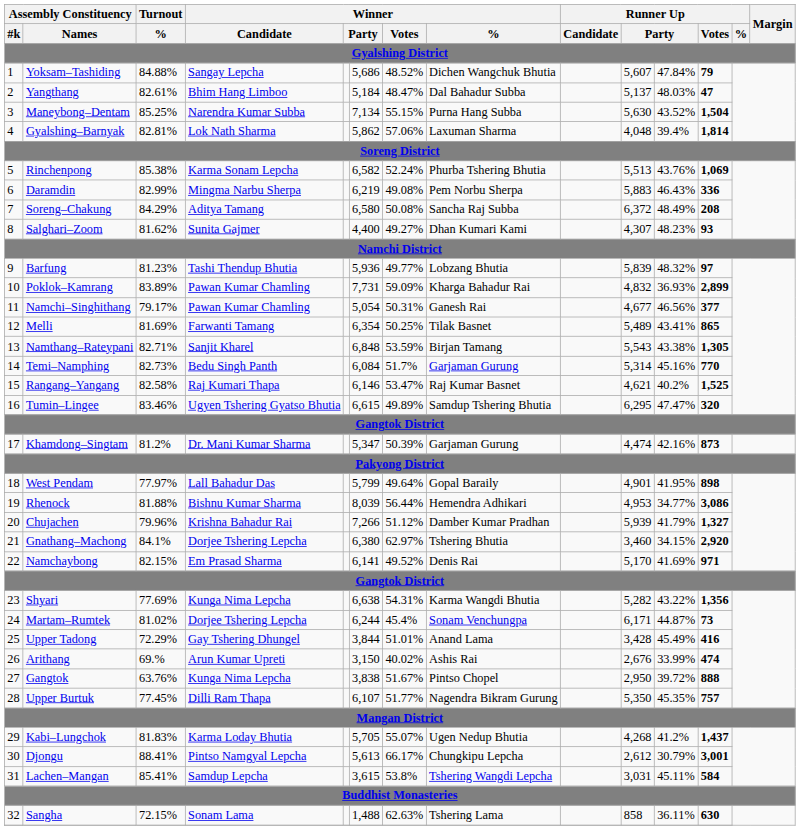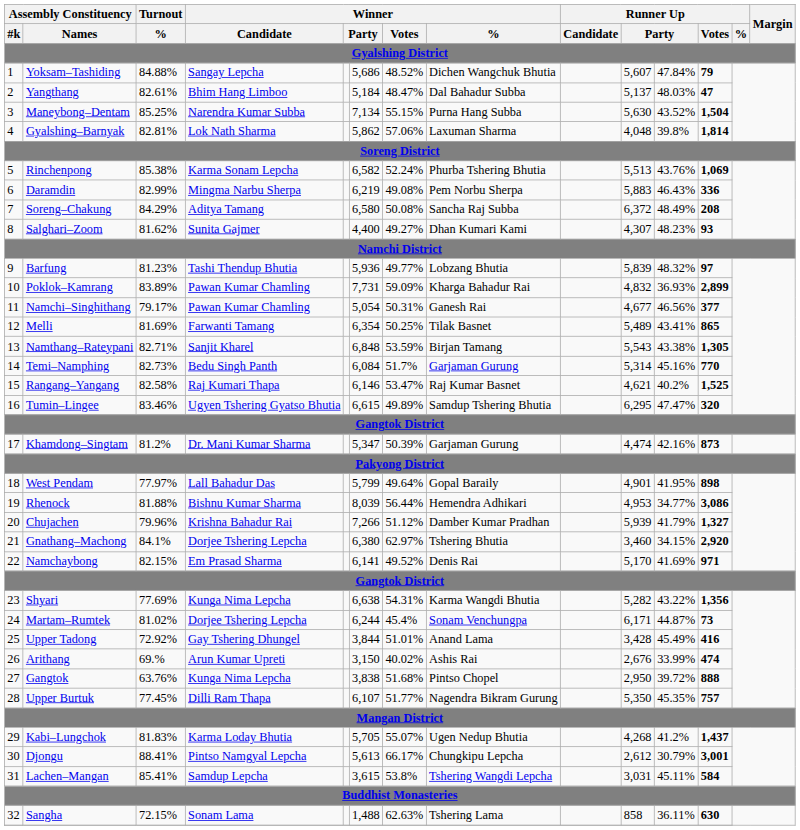 <table class="wikitable sortable">
 <tr>
 <th colspan="2">Assembly Constituency</th>
 <th>Turnout</th>
 <th colspan="5">Winner</th>
 <th colspan="5">Runner Up</th>
 <th rowspan="2" data-sort-type=number>Margin</th>
 </tr>
 <tr>
 <th>#k</th>
 <th>Names</th>
 <th>%</th>
 <th>Candidate</th>
 <th colspan="2">Party</th>
 <th data-sort-type=number>Votes</th>
 <th>%</th>
 <th>Candidate</th>
 <th colspan="2">Party</th>
 <th data-sort-type=number>Votes</th>
 <th>%</th>
 </tr>
 <tr>
 <td colspan="14" align="center" bgcolor="grey"><a href='#'><span><strong>Gyalshing District</strong></span></a></td>
 </tr>
 <tr>
 <td>1</td>
 <td><a href='#'>Yoksam–Tashiding</a></td>
 <td>84.88%</td>
 <td><a href='#'>Sangay Lepcha</a></td>
 <td></td>
 <td>5,686</td>
 <td>48.52%</td>
 <td>Dichen Wangchuk Bhutia</td>
 <td></td>
 <td>5,607</td>
 <td>47.84%</td>
 <td style="background:"><span><strong>79</strong></span></td>
 </tr>
 <tr>
 <td>2</td>
 <td><a href='#'>Yangthang</a></td>
 <td>82.61%</td>
 <td><a href='#'>Bhim Hang Limboo</a></td>
 <td></td>
 <td>5,184</td>
 <td>48.47%</td>
 <td>Dal Bahadur Subba</td>
 <td></td>
 <td>5,137</td>
 <td>48.03%</td>
 <td style="background:"><span><strong>47</strong></span></td>
 </tr>
 <tr>
 <td>3</td>
 <td><a href='#'>Maneybong–Dentam</a></td>
 <td>85.25%</td>
 <td><a href='#'>Narendra Kumar Subba</a></td>
 <td></td>
 <td>7,134</td>
 <td>55.15%</td>
 <td>Purna Hang Subba</td>
 <td></td>
 <td>5,630</td>
 <td>43.52%</td>
 <td style="background:"><span><strong>1,504</strong></span></td>
 </tr>
 <tr>
 <td>4</td>
 <td><a href='#'>Gyalshing–Barnyak</a></td>
 <td>82.81%</td>
 <td><a href='#'>Lok Nath Sharma</a></td>
 <td></td>
 <td>5,862</td>
 <td>57.06%</td>
 <td>Laxuman Sharma</td>
 <td></td>
 <td>4,048</td>
-<td>39.4%</td>
+<td>39.8%</td>
 <td style="background:"><span><strong>1,814</strong></span></td>
 </tr>
 <tr>
 <td colspan="14" align="center" bgcolor="grey"><a href='#'><span><strong>Soreng District</strong></span></a></td>
 </tr>
 <tr>
 <td>5</td>
 <td><a href='#'>Rinchenpong</a></td>
 <td>85.38%</td>
 <td><a href='#'>Karma Sonam Lepcha</a></td>
 <td></td>
 <td>6,582</td>
 <td>52.24%</td>
 <td>Phurba Tshering Bhutia</td>
 <td></td>
 <td>5,513</td>
 <td>43.76%</td>
 <td style="background:"><span><strong>1,069</strong></span></td>
 </tr>
 <tr>
 <td>6</td>
 <td><a href='#'>Daramdin</a></td>
 <td>82.99%</td>
 <td><a href='#'>Mingma Narbu Sherpa</a></td>
 <td></td>
 <td>6,219</td>
 <td>49.08%</td>
 <td>Pem Norbu Sherpa</td>
 <td></td>
 <td>5,883</td>
 <td>46.43%</td>
 <td style="background:"><span><strong>336</strong></span></td>
 </tr>
 <tr>
 <td>7</td>
 <td><a href='#'>Soreng–Chakung</a></td>
 <td>84.29%</td>
 <td><a href='#'>Aditya Tamang</a></td>
 <td></td>
 <td>6,580</td>
 <td>50.08%</td>
 <td>Sancha Raj Subba</td>
 <td></td>
 <td>6,372</td>
 <td>48.49%</td>
 <td style="background:"><span><strong>208</strong></span></td>
 </tr>
 <tr>
 <td>8</td>
 <td><a href='#'>Salghari–Zoom</a></td>
 <td>81.62%</td>
 <td><a href='#'>Sunita Gajmer</a></td>
 <td></td>
 <td>4,400</td>
 <td>49.27%</td>
 <td>Dhan Kumari Kami</td>
 <td></td>
 <td>4,307</td>
 <td>48.23%</td>
 <td style="background:"><span><strong>93</strong></span></td>
 </tr>
 <tr>
 <td colspan="14" align="center" bgcolor="grey"><a href='#'><span><strong>Namchi District</strong></span></a></td>
 </tr>
 <tr>
 <td>9</td>
 <td><a href='#'>Barfung</a></td>
 <td>81.23%</td>
 <td><a href='#'>Tashi Thendup Bhutia</a></td>
 <td></td>
 <td>5,936</td>
 <td>49.77%</td>
 <td>Lobzang Bhutia</td>
 <td></td>
 <td>5,839</td>
 <td>48.32%</td>
 <td style="background:"><span><strong>97</strong></span></td>
 </tr>
 <tr>
 <td>10</td>
 <td><a href='#'>Poklok–Kamrang</a></td>
 <td>83.89%</td>
 <td><a href='#'>Pawan Kumar Chamling</a></td>
 <td></td>
 <td>7,731</td>
 <td>59.09%</td>
 <td>Kharga Bahadur Rai</td>
 <td></td>
 <td>4,832</td>
 <td>36.93%</td>
 <td style="background:"><span><strong>2,899</strong></span></td>
 </tr>
 <tr>
 <td>11</td>
 <td><a href='#'>Namchi–Singhithang</a></td>
 <td>79.17%</td>
 <td><a href='#'>Pawan Kumar Chamling</a></td>
 <td></td>
 <td>5,054</td>
 <td>50.31%</td>
 <td>Ganesh Rai</td>
 <td></td>
 <td>4,677</td>
 <td>46.56%</td>
 <td style="background:"><span><strong>377</strong></span></td>
 </tr>
 <tr>
 <td>12</td>
 <td><a href='#'>Melli</a></td>
 <td>81.69%</td>
 <td><a href='#'>Farwanti Tamang</a></td>
 <td></td>
 <td>6,354</td>
 <td>50.25%</td>
 <td>Tilak Basnet</td>
 <td></td>
 <td>5,489</td>
 <td>43.41%</td>
 <td style="background:"><span><strong>865</strong></span></td>
 </tr>
 <tr>
 <td>13</td>
 <td><a href='#'>Namthang–Rateypani</a></td>
 <td>82.71%</td>
 <td><a href='#'>Sanjit Kharel</a></td>
 <td></td>
 <td>6,848</td>
 <td>53.59%</td>
 <td>Birjan Tamang</td>
 <td></td>
 <td>5,543</td>
 <td>43.38%</td>
 <td style="background:"><span><strong>1,305</strong></span></td>
 </tr>
 <tr>
 <td>14</td>
 <td><a href='#'>Temi–Namphing</a></td>
 <td>82.73%</td>
 <td><a href='#'>Bedu Singh Panth</a></td>
 <td></td>
 <td>6,084</td>
 <td>51.7%</td>
 <td><a href='#'>Garjaman Gurung</a></td>
 <td></td>
 <td>5,314</td>
 <td>45.16%</td>
 <td style="background:"><span><strong>770</strong></span></td>
 </tr>
 <tr>
 <td>15</td>
 <td><a href='#'>Rangang–Yangang</a></td>
 <td>82.58%</td>
 <td><a href='#'>Raj Kumari Thapa</a></td>
 <td></td>
 <td>6,146</td>
 <td>53.47%</td>
 <td>Raj Kumar Basnet</td>
 <td></td>
 <td>4,621</td>
 <td>40.2%</td>
 <td style="background:"><span><strong>1,525</strong></span></td>
 </tr>
 <tr>
 <td>16</td>
 <td><a href='#'>Tumin–Lingee</a></td>
 <td>83.46%</td>
 <td><a href='#'>Ugyen Tshering Gyatso Bhutia</a></td>
 <td></td>
 <td>6,615</td>
 <td>49.89%</td>
 <td>Samdup Tshering Bhutia</td>
 <td></td>
 <td>6,295</td>
 <td>47.47%</td>
 <td style="background:"><span><strong>320</strong></span></td>
 </tr>
 <tr>
 <td colspan="14" align="center" bgcolor="grey"><a href='#'><span><strong>Gangtok District</strong></span></a></td>
 </tr>
 <tr>
 <td>17</td>
 <td><a href='#'>Khamdong–Singtam</a></td>
 <td>81.2%</td>
 <td><a href='#'>Dr. Mani Kumar Sharma</a></td>
 <td></td>
 <td>5,347</td>
 <td>50.39%</td>
 <td>Garjaman Gurung</td>
 <td></td>
 <td>4,474</td>
 <td>42.16%</td>
 <td style="background:"><span><strong>873</strong></span></td>
 </tr>
 <tr>
 <td colspan="14" align="center" bgcolor="grey"><a href='#'><span><strong>Pakyong District</strong></span></a></td>
 </tr>
 <tr>
 <td>18</td>
 <td><a href='#'>West Pendam</a></td>
 <td>77.97%</td>
 <td><a href='#'>Lall Bahadur Das</a></td>
 <td></td>
 <td>5,799</td>
 <td>49.64%</td>
 <td>Gopal Baraily</td>
 <td></td>
 <td>4,901</td>
 <td>41.95%</td>
 <td style="background:"><span><strong>898</strong></span></td>
 </tr>
 <tr>
 <td>19</td>
 <td><a href='#'>Rhenock</a></td>
 <td>81.88%</td>
 <td><a href='#'>Bishnu Kumar Sharma</a></td>
 <td></td>
 <td>8,039</td>
 <td>56.44%</td>
 <td>Hemendra Adhikari</td>
 <td></td>
 <td>4,953</td>
 <td>34.77%</td>
 <td style="background:"><span><strong>3,086</strong></span></td>
 </tr>
 <tr>
 <td>20</td>
 <td><a href='#'>Chujachen</a></td>
 <td>79.96%</td>
 <td><a href='#'>Krishna Bahadur Rai</a></td>
 <td></td>
 <td>7,266</td>
 <td>51.12%</td>
 <td>Damber Kumar Pradhan</td>
 <td></td>
 <td>5,939</td>
 <td>41.79%</td>
 <td style="background:"><span><strong>1,327</strong></span></td>
 </tr>
 <tr>
 <td>21</td>
 <td><a href='#'>Gnathang–Machong</a></td>
 <td>84.1%</td>
 <td><a href='#'>Dorjee Tshering Lepcha</a></td>
 <td></td>
 <td>6,380</td>
 <td>62.97%</td>
 <td>Tshering Bhutia</td>
 <td></td>
 <td>3,460</td>
 <td>34.15%</td>
 <td style="background:"><span><strong>2,920</strong></span></td>
 </tr>
 <tr>
 <td>22</td>
 <td><a href='#'>Namchaybong</a></td>
 <td>82.15%</td>
 <td><a href='#'>Em Prasad Sharma</a></td>
 <td></td>
 <td>6,141</td>
 <td>49.52%</td>
 <td>Denis Rai</td>
 <td></td>
 <td>5,170</td>
 <td>41.69%</td>
 <td style="background:"><span><strong>971</strong></span></td>
 </tr>
 <tr>
 <td colspan="14" align="center" bgcolor="grey"><a href='#'><span><strong>Gangtok District</strong></span></a></td>
 </tr>
 <tr>
 <td>23</td>
 <td><a href='#'>Shyari</a></td>
 <td>77.69%</td>
 <td><a href='#'>Kunga Nima Lepcha</a></td>
 <td></td>
 <td>6,638</td>
 <td>54.31%</td>
 <td>Karma Wangdi Bhutia</td>
 <td></td>
 <td>5,282</td>
 <td>43.22%</td>
 <td style="background:"><span><strong>1,356</strong></span></td>
 </tr>
 <tr>
 <td>24</td>
 <td><a href='#'>Martam–Rumtek</a></td>
 <td>81.02%</td>
 <td><a href='#'>Dorjee Tshering Lepcha</a></td>
 <td></td>
 <td>6,244</td>
 <td>45.4%</td>
 <td><a href='#'>Sonam Venchungpa</a></td>
 <td></td>
 <td>6,171</td>
 <td>44.87%</td>
 <td style="background:"><span><strong>73</strong></span></td>
 </tr>
 <tr>
 <td>25</td>
 <td><a href='#'>Upper Tadong</a></td>
-<td>72.29%</td>
+<td>72.92%</td>
 <td><a href='#'>Gay Tshering Dhungel</a></td>
 <td></td>
 <td>3,844</td>
 <td>51.01%</td>
 <td>Anand Lama</td>
 <td></td>
 <td>3,428</td>
 <td>45.49%</td>
 <td style="background:"><span><strong>416</strong></span></td>
 </tr>
 <tr>
 <td>26</td>
 <td><a href='#'>Arithang</a></td>
 <td>69.%</td>
 <td><a href='#'>Arun Kumar Upreti</a></td>
 <td></td>
 <td>3,150</td>
 <td>40.02%</td>
 <td>Ashis Rai</td>
 <td></td>
 <td>2,676</td>
 <td>33.99%</td>
 <td style="background:"><span><strong>474</strong></span></td>
 </tr>
 <tr>
 <td>27</td>
 <td><a href='#'>Gangtok</a></td>
 <td>63.76%</td>
 <td><a href='#'>Kunga Nima Lepcha</a></td>
 <td></td>
 <td>3,838</td>
-<td>51.67%</td>
+<td>51.68%</td>
 <td>Pintso Chopel</td>
 <td></td>
 <td>2,950</td>
 <td>39.72%</td>
 <td style="background:"><span><strong>888</strong></span></td>
 </tr>
 <tr>
 <td>28</td>
 <td><a href='#'>Upper Burtuk</a></td>
 <td>77.45%</td>
 <td><a href='#'>Dilli Ram Thapa</a></td>
 <td></td>
 <td>6,107</td>
 <td>51.77%</td>
 <td>Nagendra Bikram Gurung</td>
 <td></td>
 <td>5,350</td>
 <td>45.35%</td>
 <td style="background:"><span><strong>757</strong></span></td>
 </tr>
 <tr>
 <td colspan="14" align="center" bgcolor="grey"><a href='#'><span><strong>Mangan District</strong></span></a></td>
 </tr>
 <tr>
 <td>29</td>
 <td><a href='#'>Kabi–Lungchok</a></td>
 <td>81.83%</td>
 <td><a href='#'>Karma Loday Bhutia</a></td>
 <td></td>
 <td>5,705</td>
 <td>55.07%</td>
 <td>Ugen Nedup Bhutia</td>
 <td></td>
 <td>4,268</td>
 <td>41.2%</td>
 <td style="background:"><span><strong>1,437</strong></span></td>
 </tr>
 <tr>
 <td>30</td>
 <td><a href='#'>Djongu</a></td>
 <td>88.41%</td>
 <td><a href='#'>Pintso Namgyal Lepcha</a></td>
 <td></td>
 <td>5,613</td>
 <td>66.17%</td>
 <td>Chungkipu Lepcha</td>
 <td></td>
 <td>2,612</td>
 <td>30.79%</td>
 <td style="background:"><span><strong>3,001</strong></span></td>
 </tr>
 <tr>
 <td>31</td>
 <td><a href='#'>Lachen–Mangan</a></td>
 <td>85.41%</td>
 <td><a href='#'>Samdup Lepcha</a></td>
 <td></td>
 <td>3,615</td>
 <td>53.8%</td>
 <td><a href='#'>Tshering Wangdi Lepcha</a></td>
 <td></td>
 <td>3,031</td>
 <td>45.11%</td>
 <td style="background:"><span><strong>584</strong></span></td>
 </tr>
 <tr>
 <td colspan="14" align="center" bgcolor="grey"><a href='#'><span><strong>Buddhist Monasteries</strong></span></a></td>
 </tr>
 <tr>
 <td>32</td>
 <td><a href='#'>Sangha</a></td>
 <td>72.15%</td>
 <td><a href='#'>Sonam Lama</a></td>
 <td></td>
 <td>1,488</td>
 <td>62.63%</td>
 <td>Tshering Lama</td>
 <td></td>
 <td>858</td>
 <td>36.11%</td>
 <td style="background:"><span><strong>630</strong></span></td>
 </tr>
 <tr>
 </tr>
 </table>
